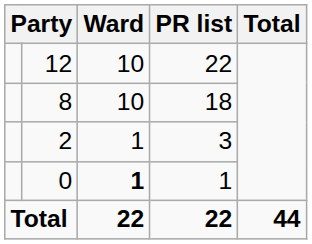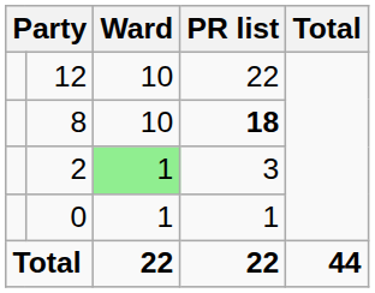 <table class=wikitable style="text-align:right">
 <tr>
 <th colspan=2>Party</th>
 <th>Ward</th>
 <th>PR list</th>
 <th>Total</th>
 </tr>
 <tr>
 <td></td>
 <td>12</td>
 <td>10</td>
 <td>22</td>
 </tr>
 <tr>
 <td></td>
 <td>8</td>
 <td>10</td>
-<td>18</td>
+<td><strong>18</strong></td>
 </tr>
 <tr>
 <td></td>
 <td>2</td>
-<td>1</td>
+<td style="background: lightgreen;">1</td>
 <td>3</td>
 </tr>
 <tr>
 <td></td>
 <td>0</td>
-<td><strong>1</strong></td>
+<td>1</td>
 <td>1</td>
 </tr>
 <tr>
 <td colspan="2" style="text-align:left"><strong>Total</strong></td>
 <td><strong>22</strong></td>
 <td><strong>22</strong></td>
 <td><strong>44</strong></td>
 </tr>
 </table>
